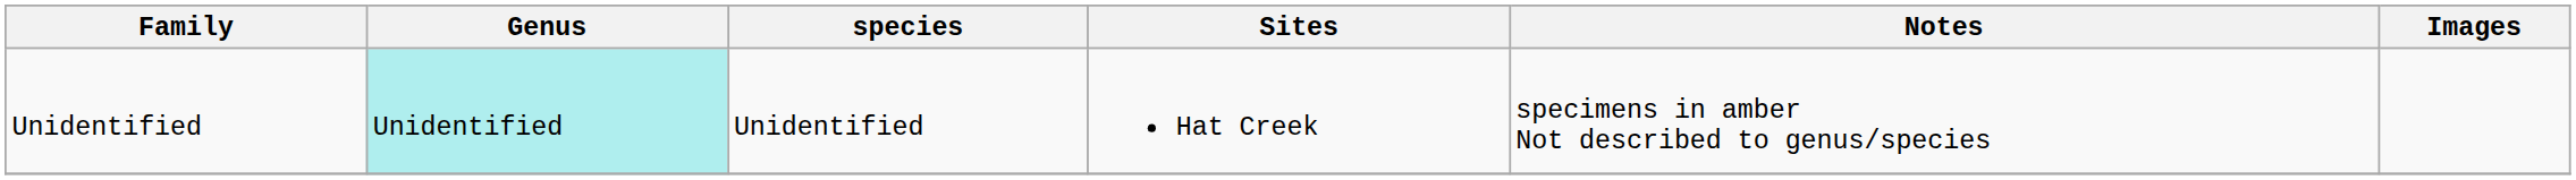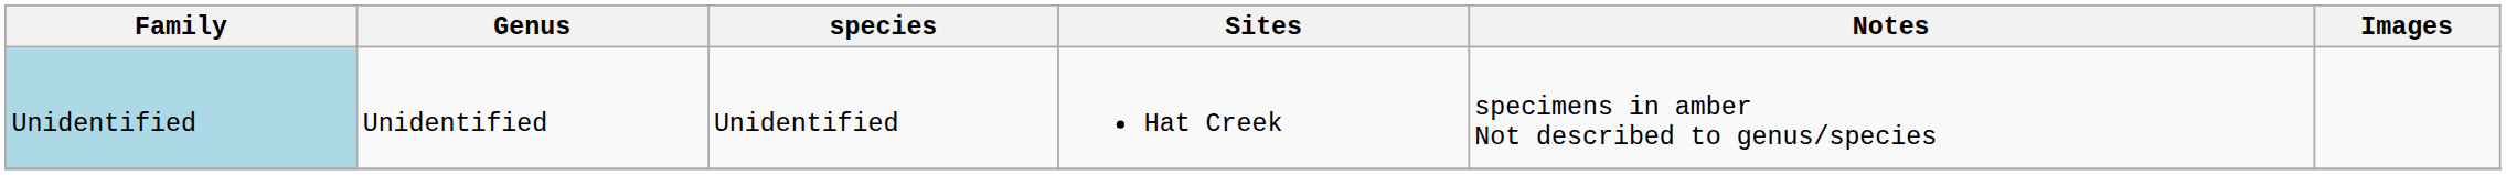 <table class="wikitable sortable"  style="margin:auto; width:100%;">
 <tr>
 <th>Family</th>
 <th>Genus</th>
 <th>species</th>
 <th>Sites</th>
 <th>Notes</th>
 <th>Images</th>
 </tr>
 <tr>
+<td style="background: lightblue;"><br>Unidentified</td>
 <td><br>Unidentified</td>
-<td style="background: paleturquoise;"><br>Unidentified</td>
 <td><br>Unidentified</td>
 <td><br><ul><li>Hat Creek</li></ul></td>
 <td><br>specimens in amber<br>Not described to genus/species</td>
 <td></td>
 </tr>
 <tr>
 </tr>
 </table>
